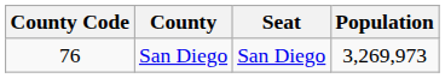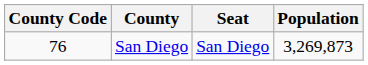 <table class="wikitable sortable" style="text-align:center;">
 <tr>
 <th> County Code</th>
 <th>County</th>
 <th>Seat</th>
 <th>Population</th>
 </tr>
 <tr>
 <td>76</td>
 <td><a href='#'>San Diego</a></td>
 <td><a href='#'>San Diego</a></td>
-<td>3,269,973</td>
+<td>3,269,873</td>
 </tr>
 </table>
